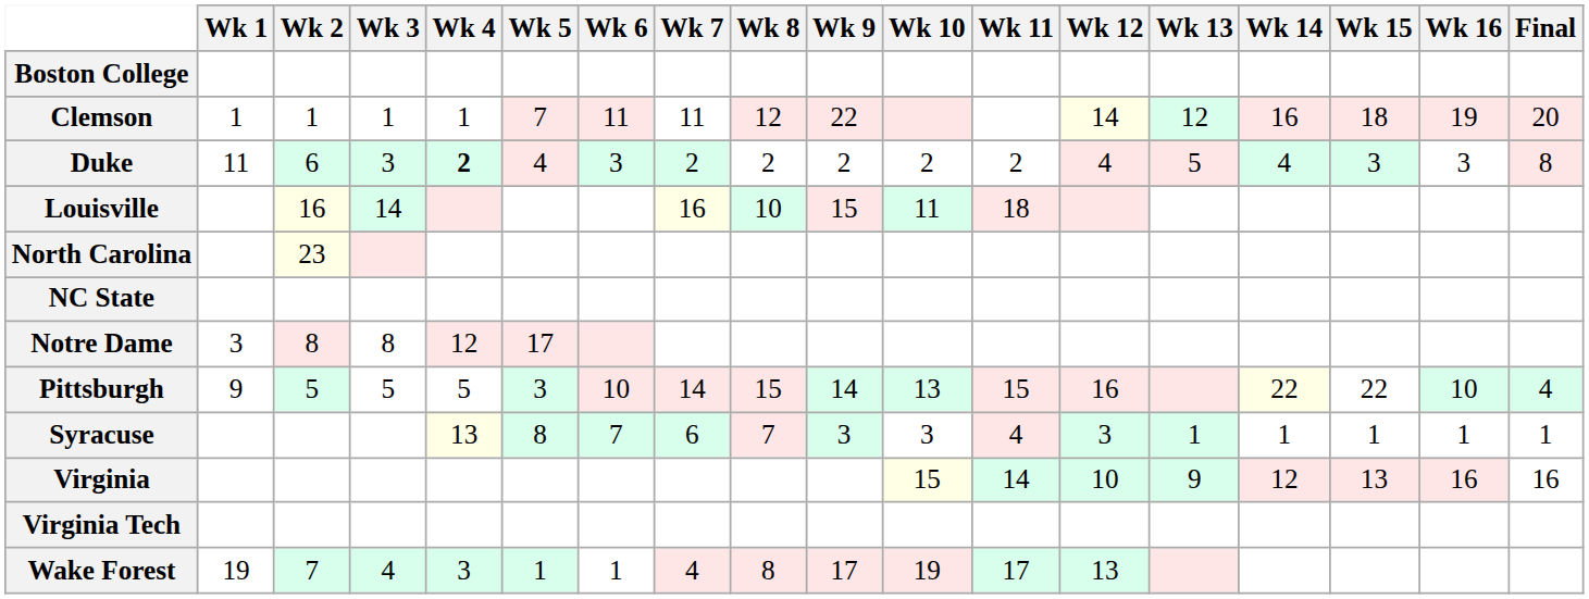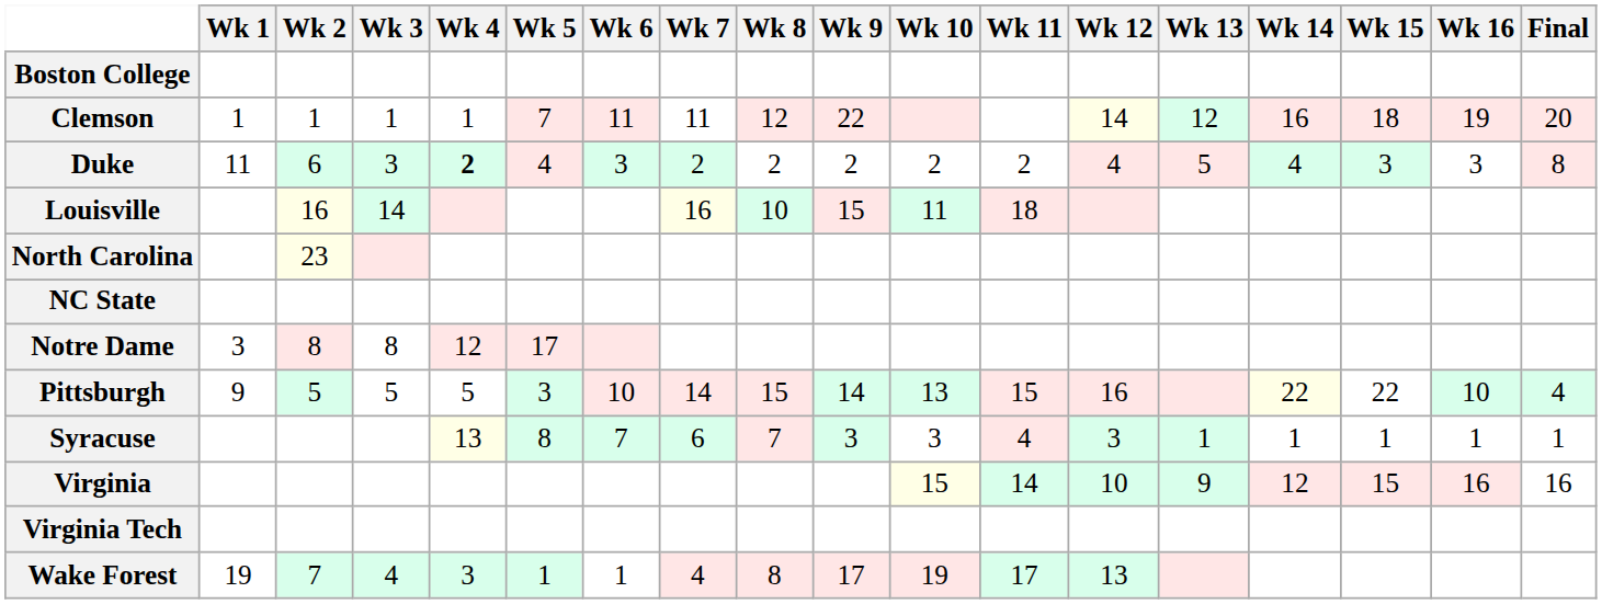 <table class="wikitable" style="white-space:nowrap;font-size:90%;">
 <tr>
 <th colspan=1 style="background:white; border-top-style:hidden; border-left-style:hidden;"> </th>
 <th>Wk 1 <br></th>
 <th>Wk 2 <br></th>
 <th>Wk 3 <br></th>
 <th>Wk 4 <br></th>
 <th>Wk 5 <br></th>
 <th>Wk 6 <br></th>
 <th>Wk 7 <br></th>
 <th>Wk 8 <br></th>
 <th>Wk 9 <br></th>
 <th>Wk 10<br></th>
 <th>Wk 11<br></th>
 <th>Wk 12<br></th>
 <th>Wk 13<br></th>
 <th>Wk 14<br></th>
 <th>Wk 15<br></th>
 <th>Wk 16<br></th>
 <th>Final <br></th>
 </tr>
 <tr style="text-align:center;">
 <th>Boston College</th>
 <td style="background:#FFF;"></td>
 <td style="background:#FFF;"></td>
 <td style="background:#FFF;"></td>
 <td style="background:#FFF;"></td>
 <td style="background:#FFF;"></td>
 <td style="background:#FFF;"></td>
 <td style="background:#FFF;"></td>
 <td style="background:#FFF;"></td>
 <td style="background:#FFF;"></td>
 <td style="background:#FFF;"></td>
 <td style="background:#FFF;"></td>
 <td style="background:#FFF;"></td>
 <td style="background:#FFF;"></td>
 <td style="background:#FFF;"></td>
 <td style="background:#FFF;"></td>
 <td style="background:#FFF;"></td>
 <td style="background:#FFF;"></td>
 </tr>
 <tr style="text-align:center;">
 <th>Clemson</th>
 <td style="background:#FFF;"> 1</td>
 <td style="background:#FFF;"> 1</td>
 <td style="background:#FFF;"> 1</td>
 <td style="background:#FFF;"> 1</td>
 <td style="background:#FFE6E6;"> 7</td>
 <td style="background:#FFE6E6;"> 11</td>
 <td style="background:#FFF;"> 11</td>
 <td style="background:#FFE6E6;"> 12</td>
 <td style="background:#FFE6E6;"> 22</td>
 <td style="background:#FFE6E6;"></td>
 <td style="background:#FFF;"></td>
 <td style="background:#FFFFE6;"> 14</td>
 <td style="background:#D8FFEB;"> 12</td>
 <td style="background:#FFE6E6;"> 16</td>
 <td style="background:#FFE6E6;"> 18</td>
 <td style="background:#FFE6E6;"> 19</td>
 <td style="background:#FFE6E6;"> 20</td>
 </tr>
 <tr style="text-align:center;">
 <th>Duke</th>
 <td style="background:#FFF;"> 11</td>
 <td style="background:#D8FFEB;"> 6</td>
 <td style="background:#D8FFEB;"> 3</td>
 <td style="background:#D8FFEB;"><strong> 2</strong></td>
 <td style="background:#FFE6E6;"> 4</td>
 <td style="background:#D8FFEB;"> 3</td>
 <td style="background:#D8FFEB;"> 2</td>
 <td style="background:#FFF;"> 2</td>
 <td style="background:#FFF;"> 2</td>
 <td style="background:#FFF;"> 2</td>
 <td style="background:#FFF;"> 2</td>
 <td style="background:#FFE6E6;"> 4</td>
 <td style="background:#FFE6E6;"> 5</td>
 <td style="background:#D8FFEB;"> 4</td>
 <td style="background:#D8FFEB;"> 3</td>
 <td style="background:#FFF;"> 3</td>
 <td style="background:#FFE6E6;"> 8</td>
 </tr>
 <tr style="text-align:center;">
 <th>Louisville</th>
 <td style="background:#FFF;"></td>
 <td style="background:#FFFFE6;"> 16</td>
 <td style="background:#D8FFEB;"> 14</td>
 <td style="background:#FFE6E6;"></td>
 <td style="background:#FFF;"></td>
 <td style="background:#FFF;"></td>
 <td style="background:#FFFFE6;"> 16</td>
 <td style="background:#D8FFEB;"> 10</td>
 <td style="background:#FFE6E6;"> 15</td>
 <td style="background:#D8FFEB;"> 11</td>
 <td style="background:#FFE6E6;"> 18</td>
 <td style="background:#FFE6E6;"></td>
 <td style="background:#FFF;"></td>
 <td style="background:#FFF;"></td>
 <td style="background:#FFF;"></td>
 <td style="background:#FFF;"></td>
 <td style="background:#FFF;"></td>
 </tr>
 <tr style="text-align:center;">
 <th>North Carolina</th>
 <td style="background:#FFF;"></td>
 <td style="background:#FFFFE6;"> 23</td>
 <td style="background:#FFE6E6;"></td>
 <td style="background:#FFF;"></td>
 <td style="background:#FFF;"></td>
 <td style="background:#FFF;"></td>
 <td style="background:#FFF;"></td>
 <td style="background:#FFF;"></td>
 <td style="background:#FFF;"></td>
 <td style="background:#FFF;"></td>
 <td style="background:#FFF;"></td>
 <td style="background:#FFF;"></td>
 <td style="background:#FFF;"></td>
 <td style="background:#FFF;"></td>
 <td style="background:#FFF;"></td>
 <td style="background:#FFF;"></td>
 <td style="background:#FFF;"></td>
 </tr>
 <tr style="text-align:center;">
 <th>NC State</th>
 <td style="background:#FFF;"></td>
 <td style="background:#FFF;"></td>
 <td style="background:#FFF;"></td>
 <td style="background:#FFF;"></td>
 <td style="background:#FFF;"></td>
 <td style="background:#FFF;"></td>
 <td style="background:#FFF;"></td>
 <td style="background:#FFF;"></td>
 <td style="background:#FFF;"></td>
 <td style="background:#FFF;"></td>
 <td style="background:#FFF;"></td>
 <td style="background:#FFF;"></td>
 <td style="background:#FFF;"></td>
 <td style="background:#FFF;"></td>
 <td style="background:#FFF;"></td>
 <td style="background:#FFF;"></td>
 <td style="background:#FFF;"></td>
 </tr>
 <tr style="text-align:center;">
 <th>Notre Dame</th>
 <td style="background:#FFF;"> 3</td>
 <td style="background:#FFE6E6;"> 8</td>
 <td style="background:#FFF;"> 8</td>
 <td style="background:#FFE6E6;"> 12</td>
 <td style="background:#FFE6E6;"> 17</td>
 <td style="background:#FFE6E6;"></td>
 <td style="background:#FFF;"></td>
 <td style="background:#FFF;"></td>
 <td style="background:#FFF;"></td>
 <td style="background:#FFF;"></td>
 <td style="background:#FFF;"></td>
 <td style="background:#FFF;"></td>
 <td style="background:#FFF;"></td>
 <td style="background:#FFF;"></td>
 <td style="background:#FFF;"></td>
 <td style="background:#FFF;"></td>
 <td style="background:#FFF;"></td>
 </tr>
 <tr style="text-align:center;">
 <th>Pittsburgh</th>
 <td style="background:#FFF;"> 9</td>
 <td style="background:#D8FFEB;"> 5</td>
 <td style="background:#FFF;"> 5</td>
 <td style="background:#FFF;"> 5</td>
 <td style="background:#D8FFEB;"> 3</td>
 <td style="background:#FFE6E6;"> 10</td>
 <td style="background:#FFE6E6;"> 14</td>
 <td style="background:#FFE6E6;"> 15</td>
 <td style="background:#D8FFEB;"> 14</td>
 <td style="background:#D8FFEB;"> 13</td>
 <td style="background:#FFE6E6;"> 15</td>
 <td style="background:#FFE6E6;"> 16</td>
 <td style="background:#FFE6E6;"></td>
 <td style="background:#FFFFE6;"> 22</td>
 <td style="background:#FFF;"> 22</td>
 <td style="background:#D8FFEB;"> 10</td>
 <td style="background:#D8FFEB;"> 4</td>
 </tr>
 <tr style="text-align:center;">
 <th>Syracuse</th>
 <td style="background:#FFF;"></td>
 <td style="background:#FFF;"></td>
 <td style="background:#FFF;"></td>
 <td style="background:#FFFFE6;"> 13</td>
 <td style="background:#D8FFEB;"> 8</td>
 <td style="background:#D8FFEB;"> 7</td>
 <td style="background:#D8FFEB;"> 6</td>
 <td style="background:#FFE6E6;"> 7</td>
 <td style="background:#D8FFEB;"> 3</td>
 <td style="background:#FFF;"> 3</td>
 <td style="background:#FFE6E6;"> 4</td>
 <td style="background:#D8FFEB;"> 3</td>
 <td style="background:#D8FFEB;"> 1</td>
 <td style="background:#FFF;"> 1</td>
 <td style="background:#FFF;"> 1</td>
 <td style="background:#FFF;"> 1</td>
 <td style="background:#FFF;"> 1</td>
 </tr>
 <tr style="text-align:center;">
 <th>Virginia</th>
 <td style="background:#FFF;"></td>
 <td style="background:#FFF;"></td>
 <td style="background:#FFF;"></td>
 <td style="background:#FFF;"></td>
 <td style="background:#FFF;"></td>
 <td style="background:#FFF;"></td>
 <td style="background:#FFF;"></td>
 <td style="background:#FFF;"></td>
 <td style="background:#FFF;"></td>
 <td style="background:#FFFFE6;"> 15</td>
 <td style="background:#D8FFEB;"> 14</td>
 <td style="background:#D8FFEB;"> 10</td>
 <td style="background:#D8FFEB;"> 9</td>
 <td style="background:#FFE6E6;"> 12</td>
-<td style="background:#FFE6E6;"> 13</td>
+<td style="background:#FFE6E6;"> 15</td>
 <td style="background:#FFE6E6;"> 16</td>
 <td style="background:#FFF;"> 16</td>
 </tr>
 <tr style="text-align:center;">
 <th>Virginia Tech</th>
 <td style="background:#FFF;"></td>
 <td style="background:#FFF;"></td>
 <td style="background:#FFF;"></td>
 <td style="background:#FFF;"></td>
 <td style="background:#FFF;"></td>
 <td style="background:#FFF;"></td>
 <td style="background:#FFF;"></td>
 <td style="background:#FFF;"></td>
 <td style="background:#FFF;"></td>
 <td style="background:#FFF;"></td>
 <td style="background:#FFF;"></td>
 <td style="background:#FFF;"></td>
 <td style="background:#FFF;"></td>
 <td style="background:#FFF;"></td>
 <td style="background:#FFF;"></td>
 <td style="background:#FFF;"></td>
 <td style="background:#FFF;"></td>
 </tr>
 <tr style="text-align:center;">
 <th>Wake Forest</th>
 <td style="background:#FFF;"> 19</td>
 <td style="background:#D8FFEB;"> 7</td>
 <td style="background:#D8FFEB;"> 4</td>
 <td style="background:#D8FFEB;"> 3</td>
 <td style="background:#D8FFEB;"> 1</td>
 <td style="background:#FFF;"> 1</td>
 <td style="background:#FFE6E6;"> 4</td>
 <td style="background:#FFE6E6;"> 8</td>
 <td style="background:#FFE6E6;"> 17</td>
 <td style="background:#FFE6E6;"> 19</td>
 <td style="background:#D8FFEB;"> 17</td>
 <td style="background:#D8FFEB;"> 13</td>
 <td style="background:#FFE6E6;"></td>
 <td style="background:#FFF;"></td>
 <td style="background:#FFF;"></td>
 <td style="background:#FFF;"></td>
 <td style="background:#FFF;"></td>
 </tr>
 </table>
